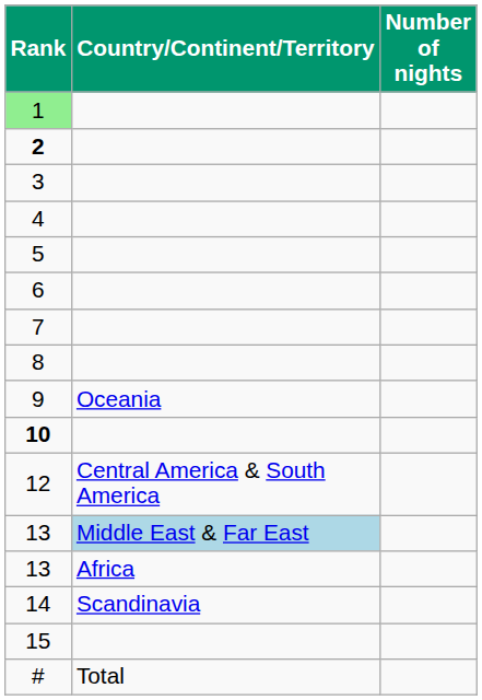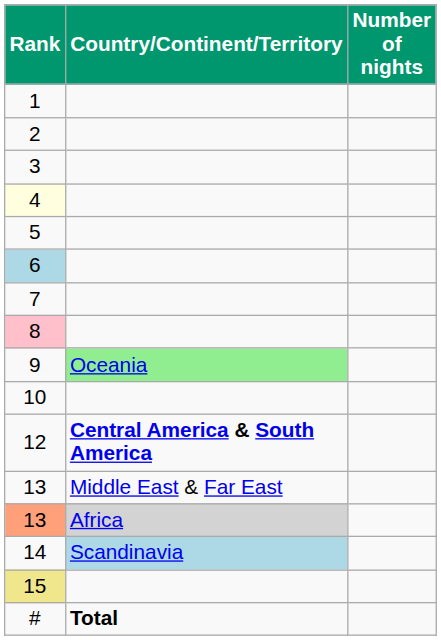 <table class="wikitable">
 <tr>
 </tr>
 <tr style="color:white;">
 <th style="width:5px; background:#00966E;">Rank</th>
 <th style="width:210px; background:#00966E;">Country/Continent/Territory</th>
 <th style="width:50px; background:#00966E;">Number of nights</th>
 </tr>
 <tr>
-<td style="background: lightgreen; text-align:center;">1</td>
+<td style="text-align:center;">1</td>
 <td></td>
 <td style="text-align:right;"></td>
 </tr>
 <tr>
-<td style="text-align:center;"><strong>2</strong></td>
+<td style="text-align:center;">2</td>
 <td></td>
 <td style="text-align:right;"></td>
 </tr>
 <tr>
 <td style="text-align:center;">3</td>
 <td></td>
 <td style="text-align:right;"></td>
 </tr>
 <tr>
-<td style="text-align:center;">4</td>
+<td style="background: lightyellow; text-align:center;">4</td>
 <td></td>
 <td style="text-align:right;"></td>
 </tr>
 <tr>
 <td style="text-align:center;">5</td>
 <td></td>
 <td style="text-align:right;"></td>
 </tr>
 <tr>
-<td style="text-align:center;">6</td>
+<td style="background: lightblue; text-align:center;">6</td>
 <td></td>
 <td style="text-align:right;"></td>
 </tr>
 <tr>
 <td style="text-align:center;">7</td>
 <td></td>
 <td style="text-align:right;"></td>
 </tr>
 <tr>
-<td style="text-align:center;">8</td>
+<td style="background: pink; text-align:center;">8</td>
 <td></td>
 <td style="text-align:right;"></td>
 </tr>
 <tr>
 <td style="text-align:center;">9</td>
-<td><a href='#'>Oceania</a></td>
+<td style="background: lightgreen;"><a href='#'>Oceania</a></td>
 <td style="text-align:right;"></td>
 </tr>
 <tr>
-<td style="text-align:center;"><strong>10</strong></td>
+<td style="text-align:center;">10</td>
 <td></td>
 <td style="text-align:right;"></td>
 </tr>
 <tr>
 <td style="text-align:center;">12</td>
-<td><a href='#'>Central America</a> & <a href='#'>South America</a></td>
+<td><strong><a href='#'>Central America</a> & <a href='#'>South America</a></strong></td>
 <td style="text-align:right;"></td>
 </tr>
 <tr>
 <td style="text-align:center;">13</td>
-<td style="background: lightblue;"><a href='#'>Middle East</a> & <a href='#'>Far East</a></td>
+<td><a href='#'>Middle East</a> & <a href='#'>Far East</a></td>
 <td style="text-align:right;"></td>
 </tr>
 <tr>
-<td style="text-align:center;">13</td>
-<td><a href='#'>Africa</a></td>
+<td style="background: lightsalmon; text-align:center;">13</td>
+<td style="background: lightgrey;"><a href='#'>Africa</a></td>
 <td style="text-align:right;"></td>
 </tr>
 <tr>
 <td style="text-align:center;">14</td>
-<td><a href='#'>Scandinavia</a></td>
+<td style="background: lightblue;"><a href='#'>Scandinavia</a></td>
 <td style="text-align:right;"></td>
 </tr>
 <tr>
-<td style="text-align:center;">15</td>
+<td style="background: khaki; text-align:center;">15</td>
 <td></td>
 <td style="text-align:right;"></td>
 </tr>
 <tr>
 <td style="text-align:center;">#</td>
-<td>Total</td>
+<td><strong>Total</strong></td>
 <td style="text-align:right;"></td>
 </tr>
 </table>
